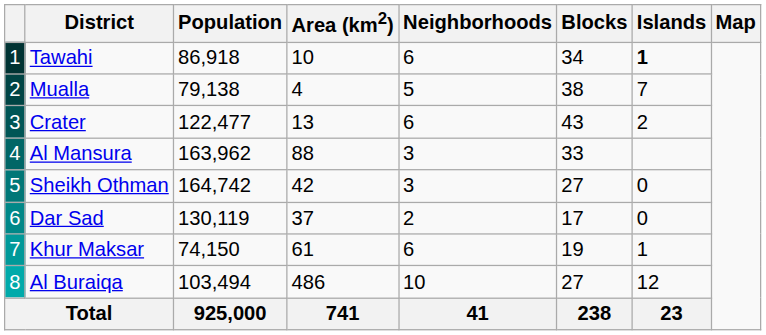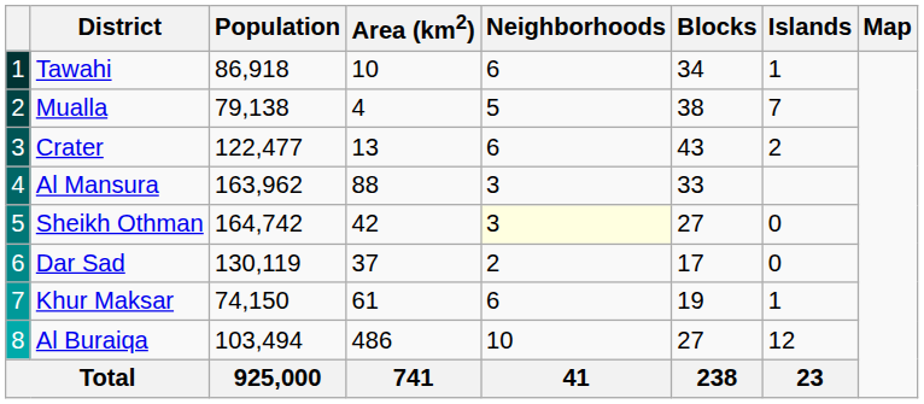 <table class="wikitable">
 <tr>
 <th></th>
 <th>District</th>
 <th>Population</th>
 <th>Area (km<sup>2</sup>)</th>
 <th>Neighborhoods</th>
 <th>Blocks</th>
 <th>Islands</th>
 <th>Map</th>
 </tr>
 <tr>
 <td style="background-color:#003333; color:white;">1</td>
 <td><a href='#'>Tawahi</a></td>
 <td>86,918</td>
 <td>10</td>
 <td>6</td>
 <td>34</td>
-<td><strong>1</strong></td>
+<td>1</td>
 <td rowspan="9"></td>
 </tr>
 <tr>
 <td style="background-color:#004444; color:white;">2</td>
 <td><a href='#'>Mualla</a></td>
 <td>79,138</td>
 <td>4</td>
 <td>5</td>
 <td>38</td>
 <td>7</td>
 </tr>
 <tr>
 <td style="background-color:#005555; color:white;">3</td>
 <td><a href='#'>Crater</a></td>
 <td>122,477</td>
 <td>13</td>
 <td>6</td>
 <td>43</td>
 <td>2</td>
 </tr>
 <tr>
 <td style="background-color:#006666; color:white;">4</td>
 <td><a href='#'>Al Mansura</a></td>
 <td>163,962</td>
 <td>88</td>
 <td>3</td>
 <td>33</td>
 <td></td>
 </tr>
 <tr>
 <td style="background-color:#007777; color:white;">5</td>
 <td><a href='#'>Sheikh Othman</a></td>
 <td>164,742</td>
 <td>42</td>
-<td>3</td>
+<td style="background: lightyellow;">3</td>
 <td>27</td>
 <td>0</td>
 </tr>
 <tr>
 <td style="background-color:#008888; color:white;">6</td>
 <td><a href='#'>Dar Sad</a></td>
 <td>130,119</td>
 <td>37</td>
 <td>2</td>
 <td>17</td>
 <td>0</td>
 </tr>
 <tr>
 <td style="background-color:#009999; color:white;">7</td>
 <td><a href='#'>Khur Maksar</a></td>
 <td>74,150</td>
 <td>61</td>
 <td>6</td>
 <td>19</td>
 <td>1</td>
 </tr>
 <tr>
 <td style="background-color:#00AAAA; color:white;">8</td>
 <td><a href='#'>Al Buraiqa</a></td>
 <td>103,494</td>
 <td>486</td>
 <td>10</td>
 <td>27</td>
 <td>12</td>
 </tr>
 <tr>
 <th colspan="2"><strong>Total</strong></th>
 <th>925,000</th>
 <th>741</th>
 <th>41</th>
 <th>238</th>
 <th>23</th>
 </tr>
 </table>
